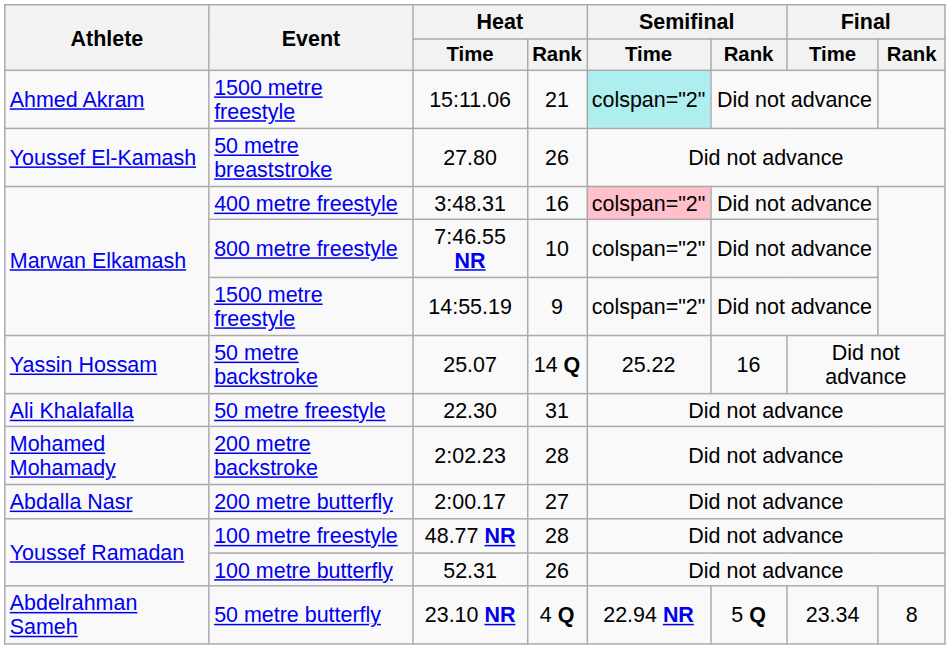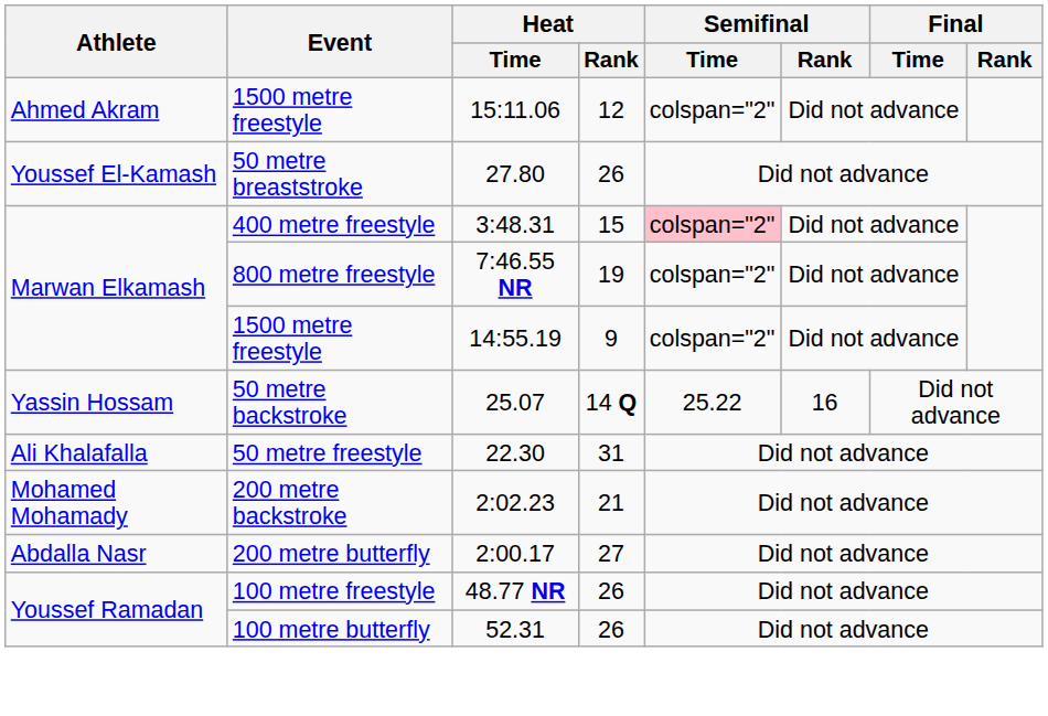 <table class="wikitable" style="text-align:center; font-size:90%; width:50%;">
 <tr>
 <th rowspan="2">Athlete</th>
 <th rowspan="2">Event</th>
 <th colspan="2">Heat</th>
 <th colspan="2">Semifinal</th>
 <th colspan="2">Final</th>
 </tr>
 <tr style="font-size:95%">
 <th>Time</th>
 <th>Rank</th>
 <th>Time</th>
 <th>Rank</th>
 <th>Time</th>
 <th>Rank</th>
 </tr>
 <tr>
 <td align=left><a href='#'>Ahmed Akram</a></td>
 <td align=left><a href='#'>1500 metre freestyle</a></td>
 <td>15:11.06</td>
-<td>21</td>
-<td style="background: paleturquoise;">colspan="2" </td>
+<td>12</td>
+<td>colspan="2" </td>
 <td colspan="2">Did not advance</td>
 </tr>
 <tr>
 <td align=left><a href='#'>Youssef El-Kamash</a></td>
 <td align=left><a href='#'>50 metre breaststroke</a></td>
 <td>27.80</td>
 <td>26</td>
 <td colspan=4>Did not advance</td>
 </tr>
 <tr>
 <td align=left rowspan=3><a href='#'>Marwan Elkamash</a></td>
 <td align=left><a href='#'>400 metre freestyle</a></td>
 <td>3:48.31</td>
-<td>16</td>
+<td>15</td>
 <td style="background: pink;">colspan="2" </td>
 <td colspan="2">Did not advance</td>
 </tr>
 <tr>
 <td align=left><a href='#'>800 metre freestyle</a></td>
 <td>7:46.55 <strong><a href='#'>NR</a></strong></td>
-<td>10</td>
+<td>19</td>
 <td>colspan="2" </td>
 <td colspan="2">Did not advance</td>
 </tr>
 <tr>
 <td align=left><a href='#'>1500 metre freestyle</a></td>
 <td>14:55.19</td>
 <td>9</td>
 <td>colspan="2" </td>
 <td colspan="2">Did not advance</td>
 </tr>
 <tr>
 <td align=left><a href='#'>Yassin Hossam</a></td>
 <td align=left><a href='#'>50 metre backstroke</a></td>
 <td>25.07</td>
 <td>14 <strong>Q</strong></td>
 <td>25.22</td>
 <td>16</td>
 <td colspan=2>Did not advance</td>
 </tr>
 <tr>
 <td align=left><a href='#'>Ali Khalafalla</a></td>
 <td align=left><a href='#'>50 metre freestyle</a></td>
 <td>22.30</td>
 <td>31</td>
 <td colspan=4>Did not advance</td>
 </tr>
 <tr>
 <td align=left><a href='#'>Mohamed Mohamady</a></td>
 <td align=left><a href='#'>200 metre backstroke</a></td>
 <td>2:02.23</td>
-<td>28</td>
+<td>21</td>
 <td colspan=4>Did not advance</td>
 </tr>
 <tr>
 <td align=left><a href='#'>Abdalla Nasr</a></td>
 <td align=left><a href='#'>200 metre butterfly</a></td>
 <td>2:00.17</td>
 <td>27</td>
 <td colspan=4>Did not advance</td>
 </tr>
 <tr>
 <td align=left rowspan=2><a href='#'>Youssef Ramadan</a></td>
 <td align=left><a href='#'>100 metre freestyle</a></td>
 <td>48.77 <strong><a href='#'>NR</a></strong></td>
-<td>28</td>
+<td>26</td>
 <td colspan=4>Did not advance</td>
 </tr>
 <tr>
 <td align=left><a href='#'>100 metre butterfly</a></td>
 <td>52.31</td>
 <td>26</td>
 <td colspan=4>Did not advance</td>
 </tr>
-<tr>
-<td align=left><a href='#'>Abdelrahman Sameh</a></td>
-<td align=left><a href='#'>50 metre butterfly</a></td>
-<td>23.10 <strong><a href='#'>NR</a></strong></td>
-<td>4 <strong>Q</strong></td>
-<td>22.94 <strong><a href='#'>NR</a></strong></td>
-<td>5 <strong>Q</strong></td>
-<td>23.34</td>
-<td>8</td>
-</tr>
 </table>
